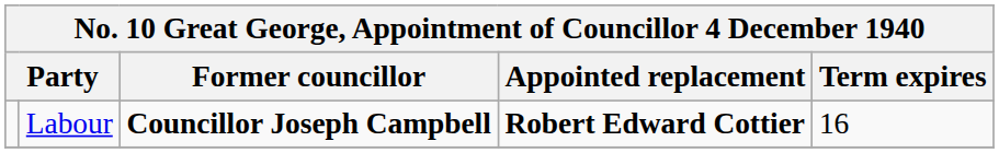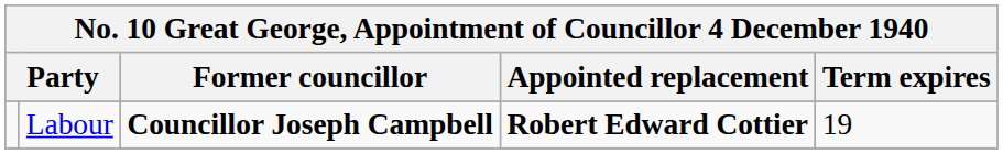 <table class="wikitable">
 <tr>
 <th colspan="5"><strong>No. 10 Great George, Appointment of Councillor 4 December 1940</strong></th>
 </tr>
 <tr>
 <th colspan="2">Party</th>
 <th>Former councillor</th>
 <th>Appointed replacement</th>
 <th>Term expires</th>
 </tr>
 <tr>
 <td style="background-color:"></td>
 <td><a href='#'>Labour</a></td>
 <td><strong>Councillor Joseph Campbell</strong></td>
 <td><strong>Robert Edward Cottier</strong></td>
-<td>16</td>
+<td>19</td>
 </tr>
 <tr>
 </tr>
 </table>
